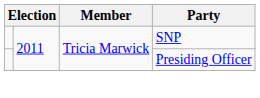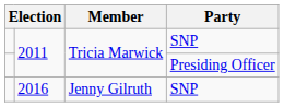 <table class="wikitable">
 <tr>
 <th colspan="2">Election</th>
 <th>Member</th>
 <th>Party</th>
 </tr>
 <tr>
 <td style="background-color: "></td>
 <td rowspan="2"><a href='#'>2011</a></td>
 <td rowspan="2"><a href='#'>Tricia Marwick</a></td>
 <td><a href='#'>SNP</a></td>
 </tr>
 <tr>
 <td style="background-color: "></td>
 <td><a href='#'>Presiding Officer</a></td>
 </tr>
+<tr>
+<td style="background-color: "></td>
+<td><a href='#'>2016</a></td>
+<td><a href='#'>Jenny Gilruth</a></td>
+<td><a href='#'>SNP</a></td>
+</tr>
 </table>
